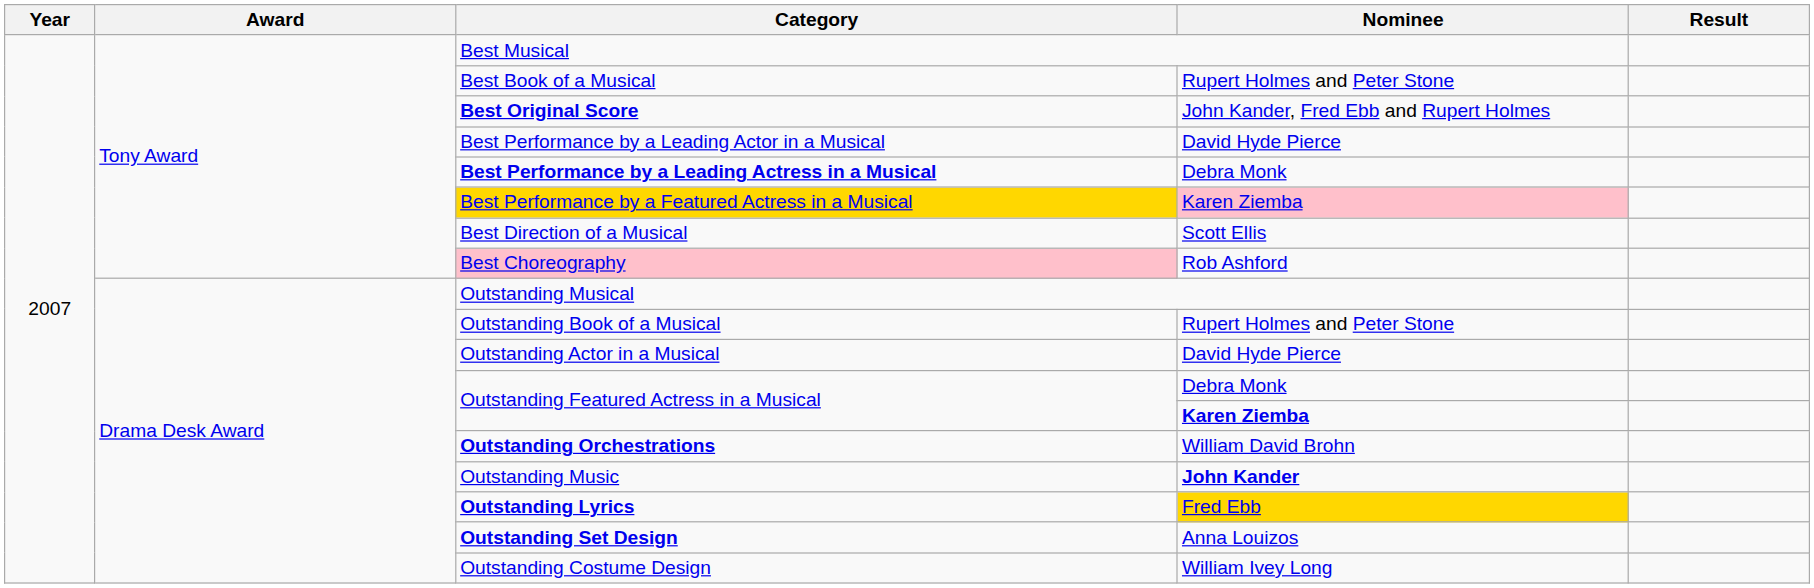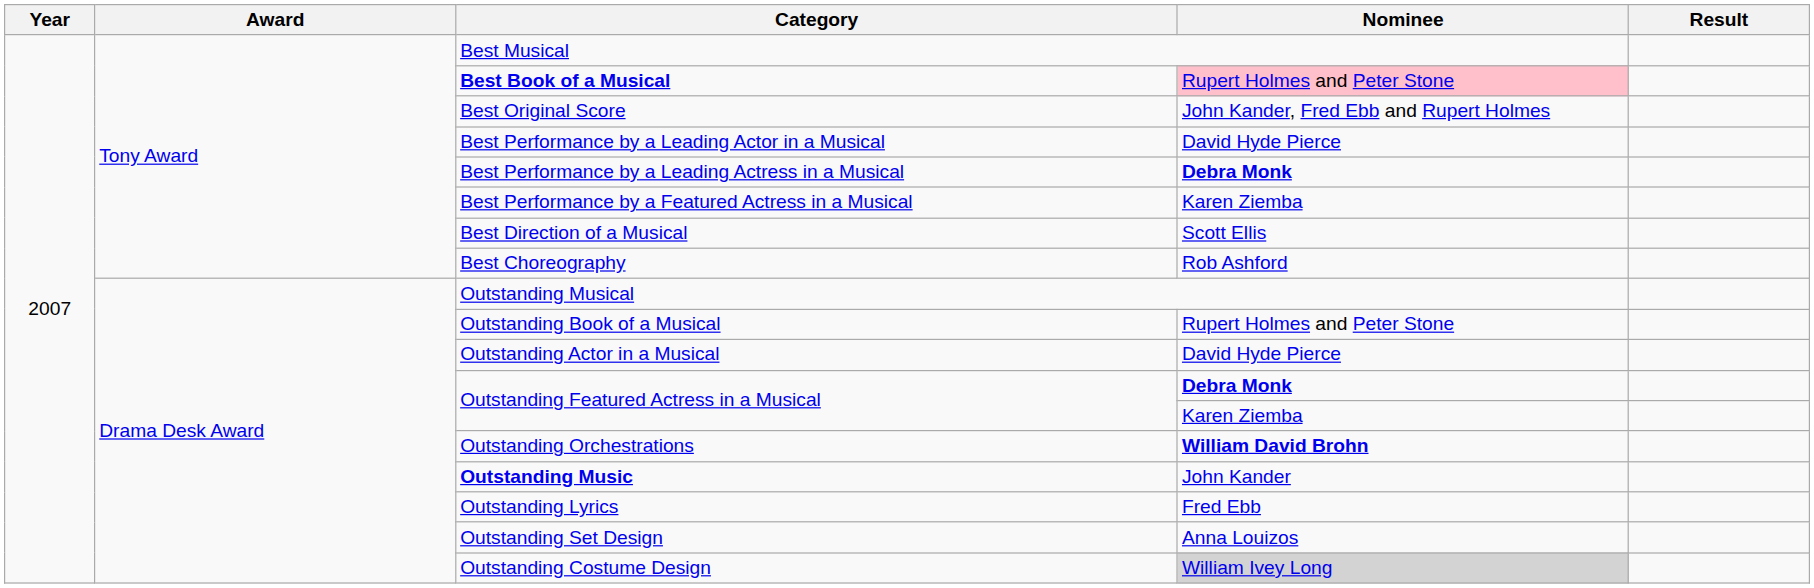 <table class="wikitable" width="95%">
 <tr>
 <th width="5%">Year</th>
 <th width="20%">Award</th>
 <th width="40%">Category</th>
 <th width="25%">Nominee</th>
 <th width="10%">Result</th>
 </tr>
 <tr>
 <td rowspan="18" align="center">2007</td>
 <td rowspan="8"><a href='#'>Tony Award</a></td>
 <td colspan="2"><a href='#'>Best Musical</a></td>
 <td></td>
 </tr>
 <tr>
-<td><a href='#'>Best Book of a Musical</a></td>
-<td><a href='#'>Rupert Holmes</a> and <a href='#'>Peter Stone</a></td>
+<td><strong><a href='#'>Best Book of a Musical</a></strong></td>
+<td style="background: pink;"><a href='#'>Rupert Holmes</a> and <a href='#'>Peter Stone</a></td>
 <td></td>
 </tr>
 <tr>
-<td><strong><a href='#'>Best Original Score</a></strong></td>
+<td><a href='#'>Best Original Score</a></td>
 <td><a href='#'>John Kander</a>, <a href='#'>Fred Ebb</a> and <a href='#'>Rupert Holmes</a></td>
 <td></td>
 </tr>
 <tr>
 <td><a href='#'>Best Performance by a Leading Actor in a Musical</a></td>
 <td><a href='#'>David Hyde Pierce</a></td>
 <td></td>
 </tr>
 <tr>
-<td><strong><a href='#'>Best Performance by a Leading Actress in a Musical</a></strong></td>
-<td><a href='#'>Debra Monk</a></td>
+<td><a href='#'>Best Performance by a Leading Actress in a Musical</a></td>
+<td><strong><a href='#'>Debra Monk</a></strong></td>
 <td></td>
 </tr>
 <tr>
-<td style="background: gold;"><a href='#'>Best Performance by a Featured Actress in a Musical</a></td>
-<td style="background: pink;"><a href='#'>Karen Ziemba</a></td>
+<td><a href='#'>Best Performance by a Featured Actress in a Musical</a></td>
+<td><a href='#'>Karen Ziemba</a></td>
 <td></td>
 </tr>
 <tr>
 <td><a href='#'>Best Direction of a Musical</a></td>
 <td><a href='#'>Scott Ellis</a></td>
 <td></td>
 </tr>
 <tr>
-<td style="background: pink;"><a href='#'>Best Choreography</a></td>
+<td><a href='#'>Best Choreography</a></td>
 <td><a href='#'>Rob Ashford</a></td>
 <td></td>
 </tr>
 <tr>
 <td rowspan="10"><a href='#'>Drama Desk Award</a></td>
 <td colspan="2"><a href='#'>Outstanding Musical</a></td>
 <td></td>
 </tr>
 <tr>
 <td><a href='#'>Outstanding Book of a Musical</a></td>
 <td><a href='#'>Rupert Holmes</a> and <a href='#'>Peter Stone</a></td>
 <td></td>
 </tr>
 <tr>
 <td><a href='#'>Outstanding Actor in a Musical</a></td>
 <td><a href='#'>David Hyde Pierce</a></td>
 <td></td>
 </tr>
 <tr>
 <td rowspan="2"><a href='#'>Outstanding Featured Actress in a Musical</a></td>
-<td><a href='#'>Debra Monk</a></td>
+<td><strong><a href='#'>Debra Monk</a></strong></td>
 <td></td>
 </tr>
 <tr>
-<td><strong><a href='#'>Karen Ziemba</a></strong></td>
+<td><a href='#'>Karen Ziemba</a></td>
 <td></td>
 </tr>
 <tr>
-<td><strong><a href='#'>Outstanding Orchestrations</a></strong></td>
-<td><a href='#'>William David Brohn</a></td>
+<td><a href='#'>Outstanding Orchestrations</a></td>
+<td><strong><a href='#'>William David Brohn</a></strong></td>
 <td></td>
 </tr>
 <tr>
-<td><a href='#'>Outstanding Music</a></td>
-<td><strong><a href='#'>John Kander</a></strong></td>
+<td><strong><a href='#'>Outstanding Music</a></strong></td>
+<td><a href='#'>John Kander</a></td>
 <td></td>
 </tr>
 <tr>
-<td><strong><a href='#'>Outstanding Lyrics</a></strong></td>
-<td style="background: gold;"><a href='#'>Fred Ebb</a></td>
+<td><a href='#'>Outstanding Lyrics</a></td>
+<td><a href='#'>Fred Ebb</a></td>
 <td></td>
 </tr>
 <tr>
-<td><strong><a href='#'>Outstanding Set Design</a></strong></td>
+<td><a href='#'>Outstanding Set Design</a></td>
 <td><a href='#'>Anna Louizos</a></td>
 <td></td>
 </tr>
 <tr>
 <td><a href='#'>Outstanding Costume Design</a></td>
-<td><a href='#'>William Ivey Long</a></td>
+<td style="background: lightgrey;"><a href='#'>William Ivey Long</a></td>
 <td></td>
 </tr>
 </table>
